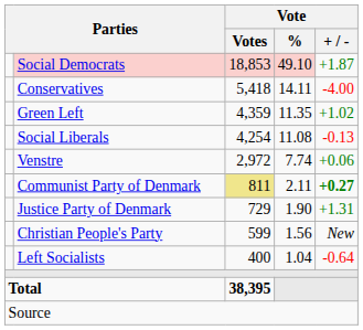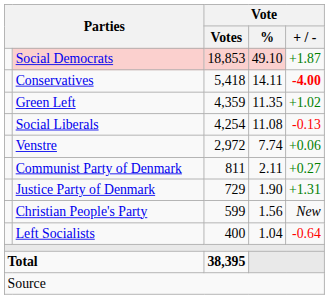 <table class="wikitable" style="text-align:right;">
 <tr>
 <th style="text-align:centre;" rowspan="2" colspan="2" width="225">Parties</th>
 <th colspan="3">Vote</th>
 </tr>
 <tr>
 <th width="15">Votes</th>
 <th width="15">%</th>
 <th width="15">+ / -</th>
 </tr>
 <tr>
 <td width="2" style="color:inherit;background:"></td>
 <td bgcolor=#fbd0ce  align="left"><a href='#'>Social Democrats</a></td>
 <td bgcolor=#fbd0ce>18,853</td>
 <td bgcolor=#fbd0ce>49.10</td>
 <td style=color:green;>+1.87</td>
 </tr>
 <tr>
 <td width="2" style="color:inherit;background:"></td>
 <td align="left"><a href='#'>Conservatives</a></td>
 <td>5,418</td>
 <td>14.11</td>
-<td style=color:red;>-4.00</td>
+<td style=color:red;><strong>-4.00</strong></td>
 </tr>
 <tr>
 <td width="2" style="color:inherit;background:"></td>
 <td align="left"><a href='#'>Green Left</a></td>
 <td>4,359</td>
 <td>11.35</td>
 <td style=color:green;>+1.02</td>
 </tr>
 <tr>
 <td width="2" style="color:inherit;background:"></td>
 <td align="left"><a href='#'>Social Liberals</a></td>
 <td>4,254</td>
 <td>11.08</td>
 <td style=color:red;>-0.13</td>
 </tr>
 <tr>
 <td width="2" style="color:inherit;background:"></td>
 <td align="left"><a href='#'>Venstre</a></td>
 <td>2,972</td>
 <td>7.74</td>
 <td style=color:green;>+0.06</td>
 </tr>
 <tr>
 <td width="2" style="color:inherit;background:"></td>
 <td align="left"><a href='#'>Communist Party of Denmark</a></td>
-<td style="background: khaki;">811</td>
+<td>811</td>
 <td>2.11</td>
-<td style=color:green;><strong>+0.27</strong></td>
+<td style=color:green;>+0.27</td>
 </tr>
 <tr>
 <td width="2" style="color:inherit;background:"></td>
 <td align="left"><a href='#'>Justice Party of Denmark</a></td>
 <td>729</td>
 <td>1.90</td>
 <td style=color:green;>+1.31</td>
 </tr>
 <tr>
 <td width="2" style="color:inherit;background:"></td>
 <td align="left"><a href='#'>Christian People's Party</a></td>
 <td>599</td>
 <td>1.56</td>
 <td><em>New</em></td>
 </tr>
 <tr>
 <td width="2" style="color:inherit;background:"></td>
 <td align="left"><a href='#'>Left Socialists</a></td>
 <td>400</td>
 <td>1.04</td>
 <td style=color:red;>-0.64</td>
 </tr>
 <tr>
 <td colspan="7" bgcolor="#E9E9E9"></td>
 </tr>
 <tr>
 <td align="left" colspan="2"><strong>Total</strong></td>
 <td><strong>38,395</strong></td>
 <td bgcolor="#E9E9E9" colspan="2"></td>
 </tr>
 <tr>
 <td align="left" colspan="6">Source</td>
 </tr>
 </table>
